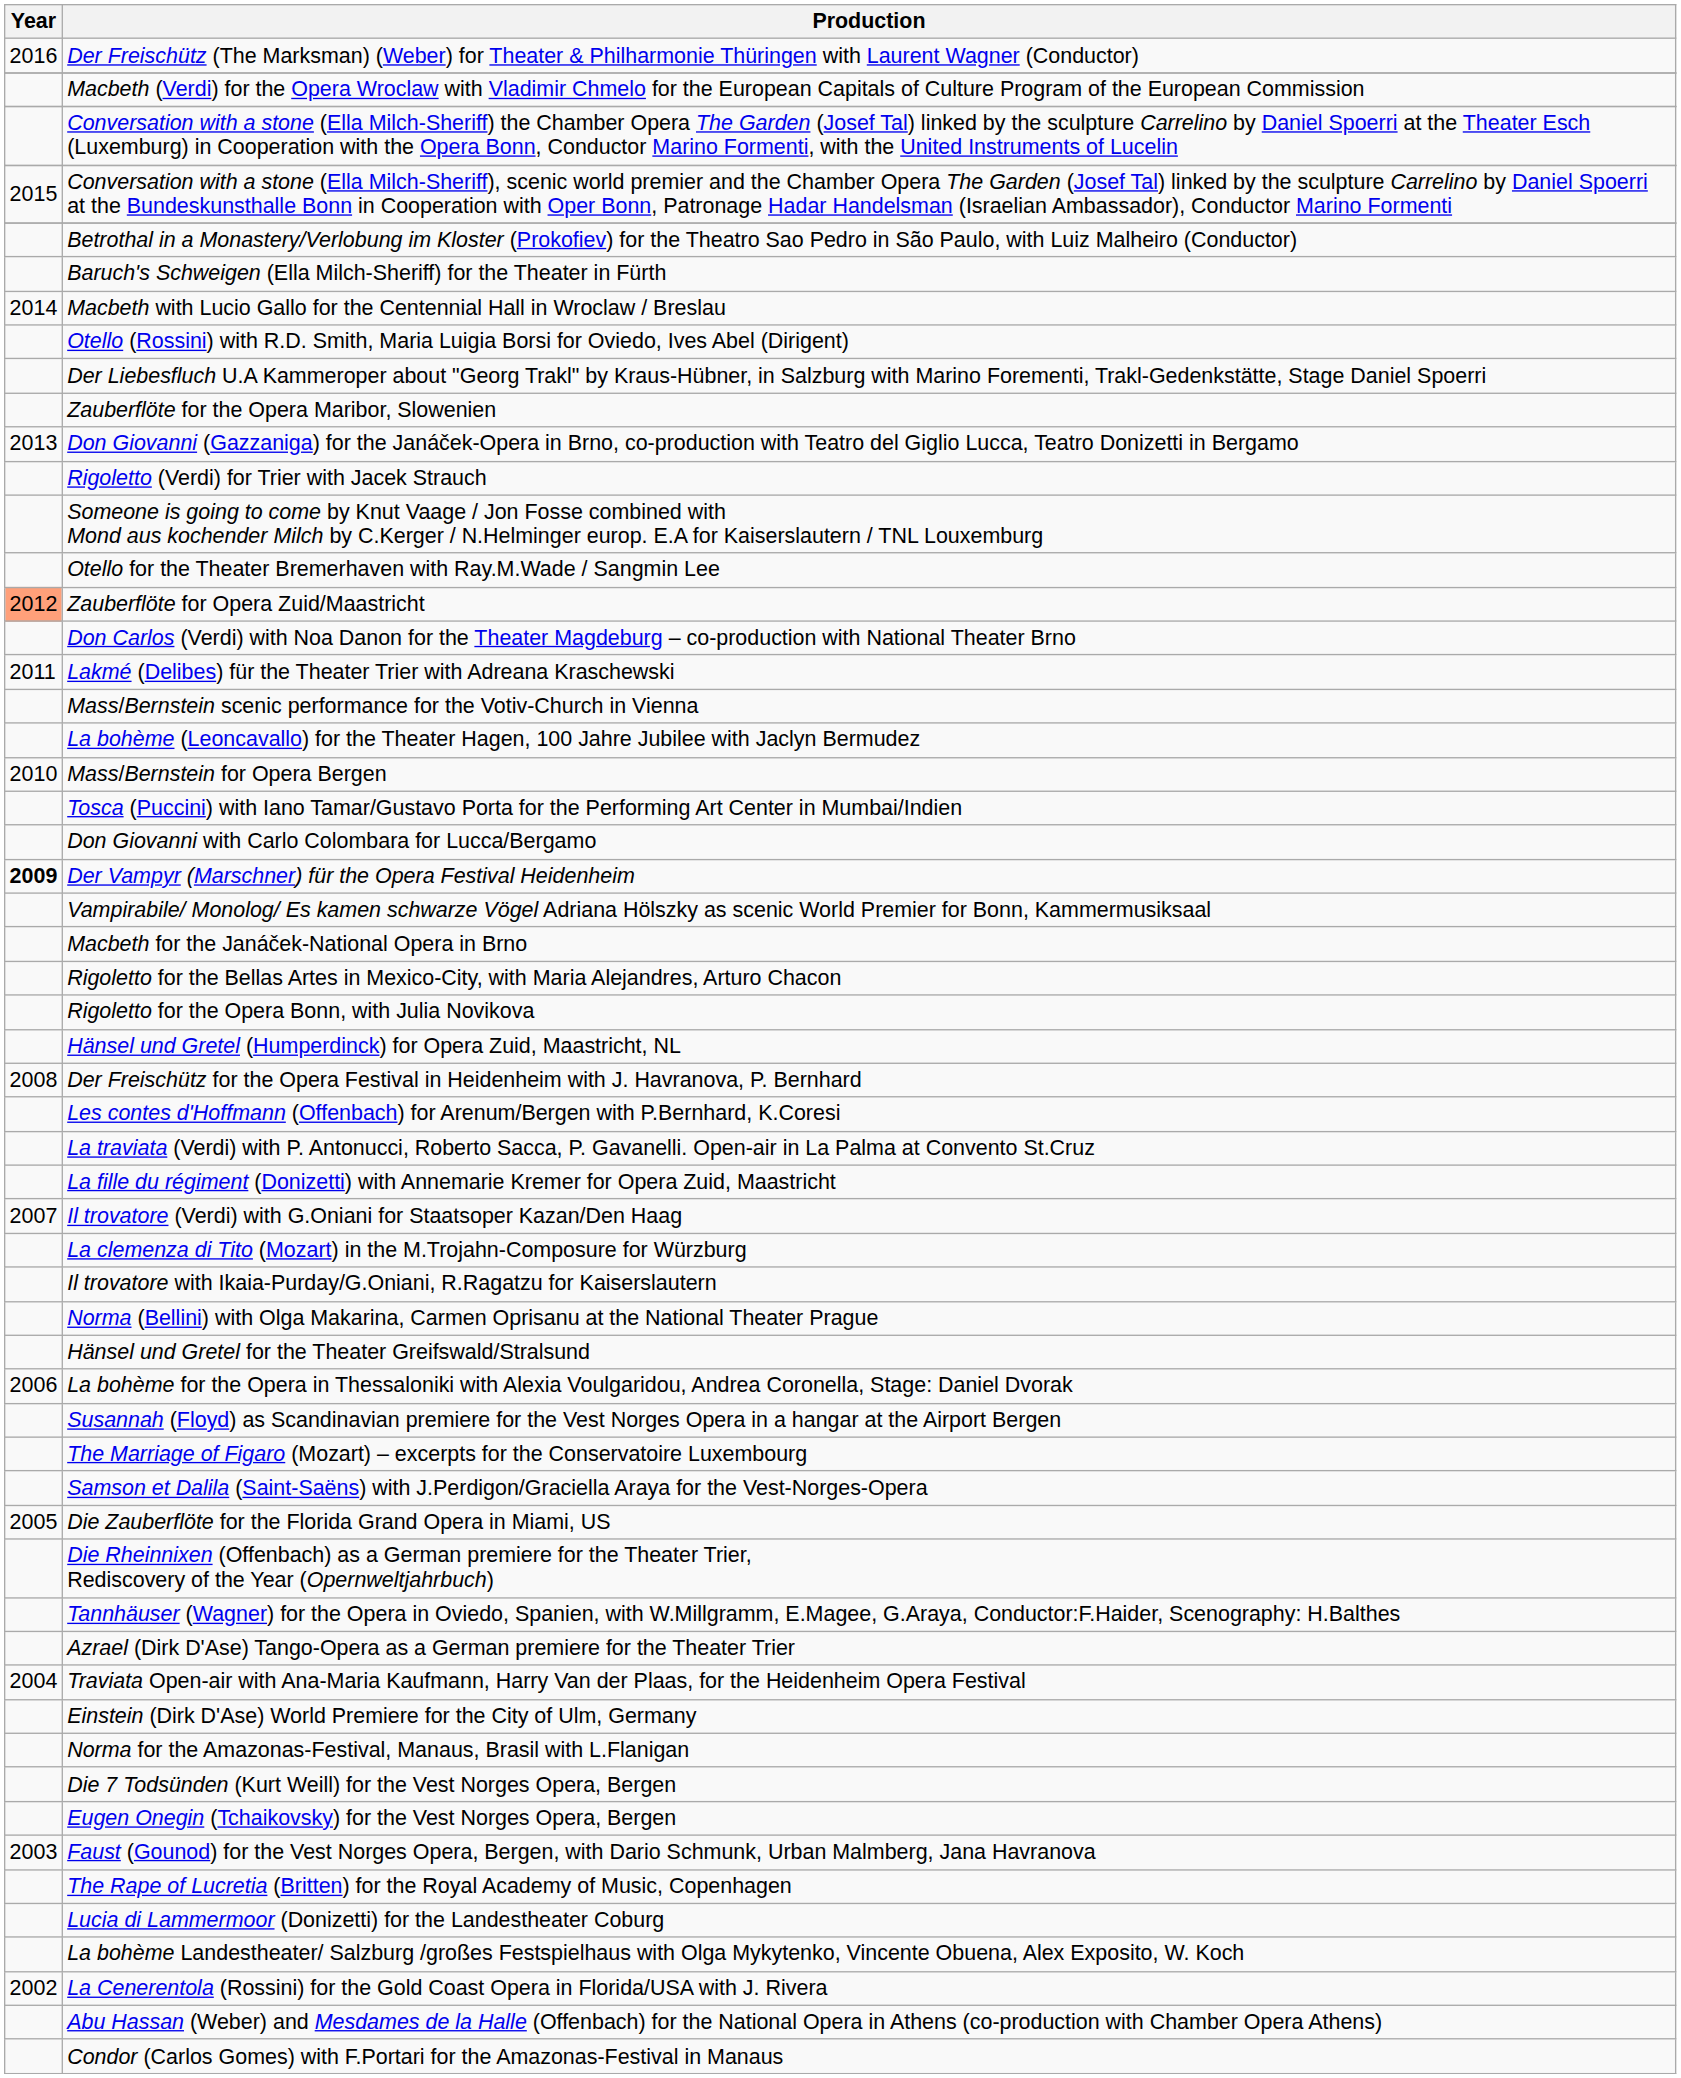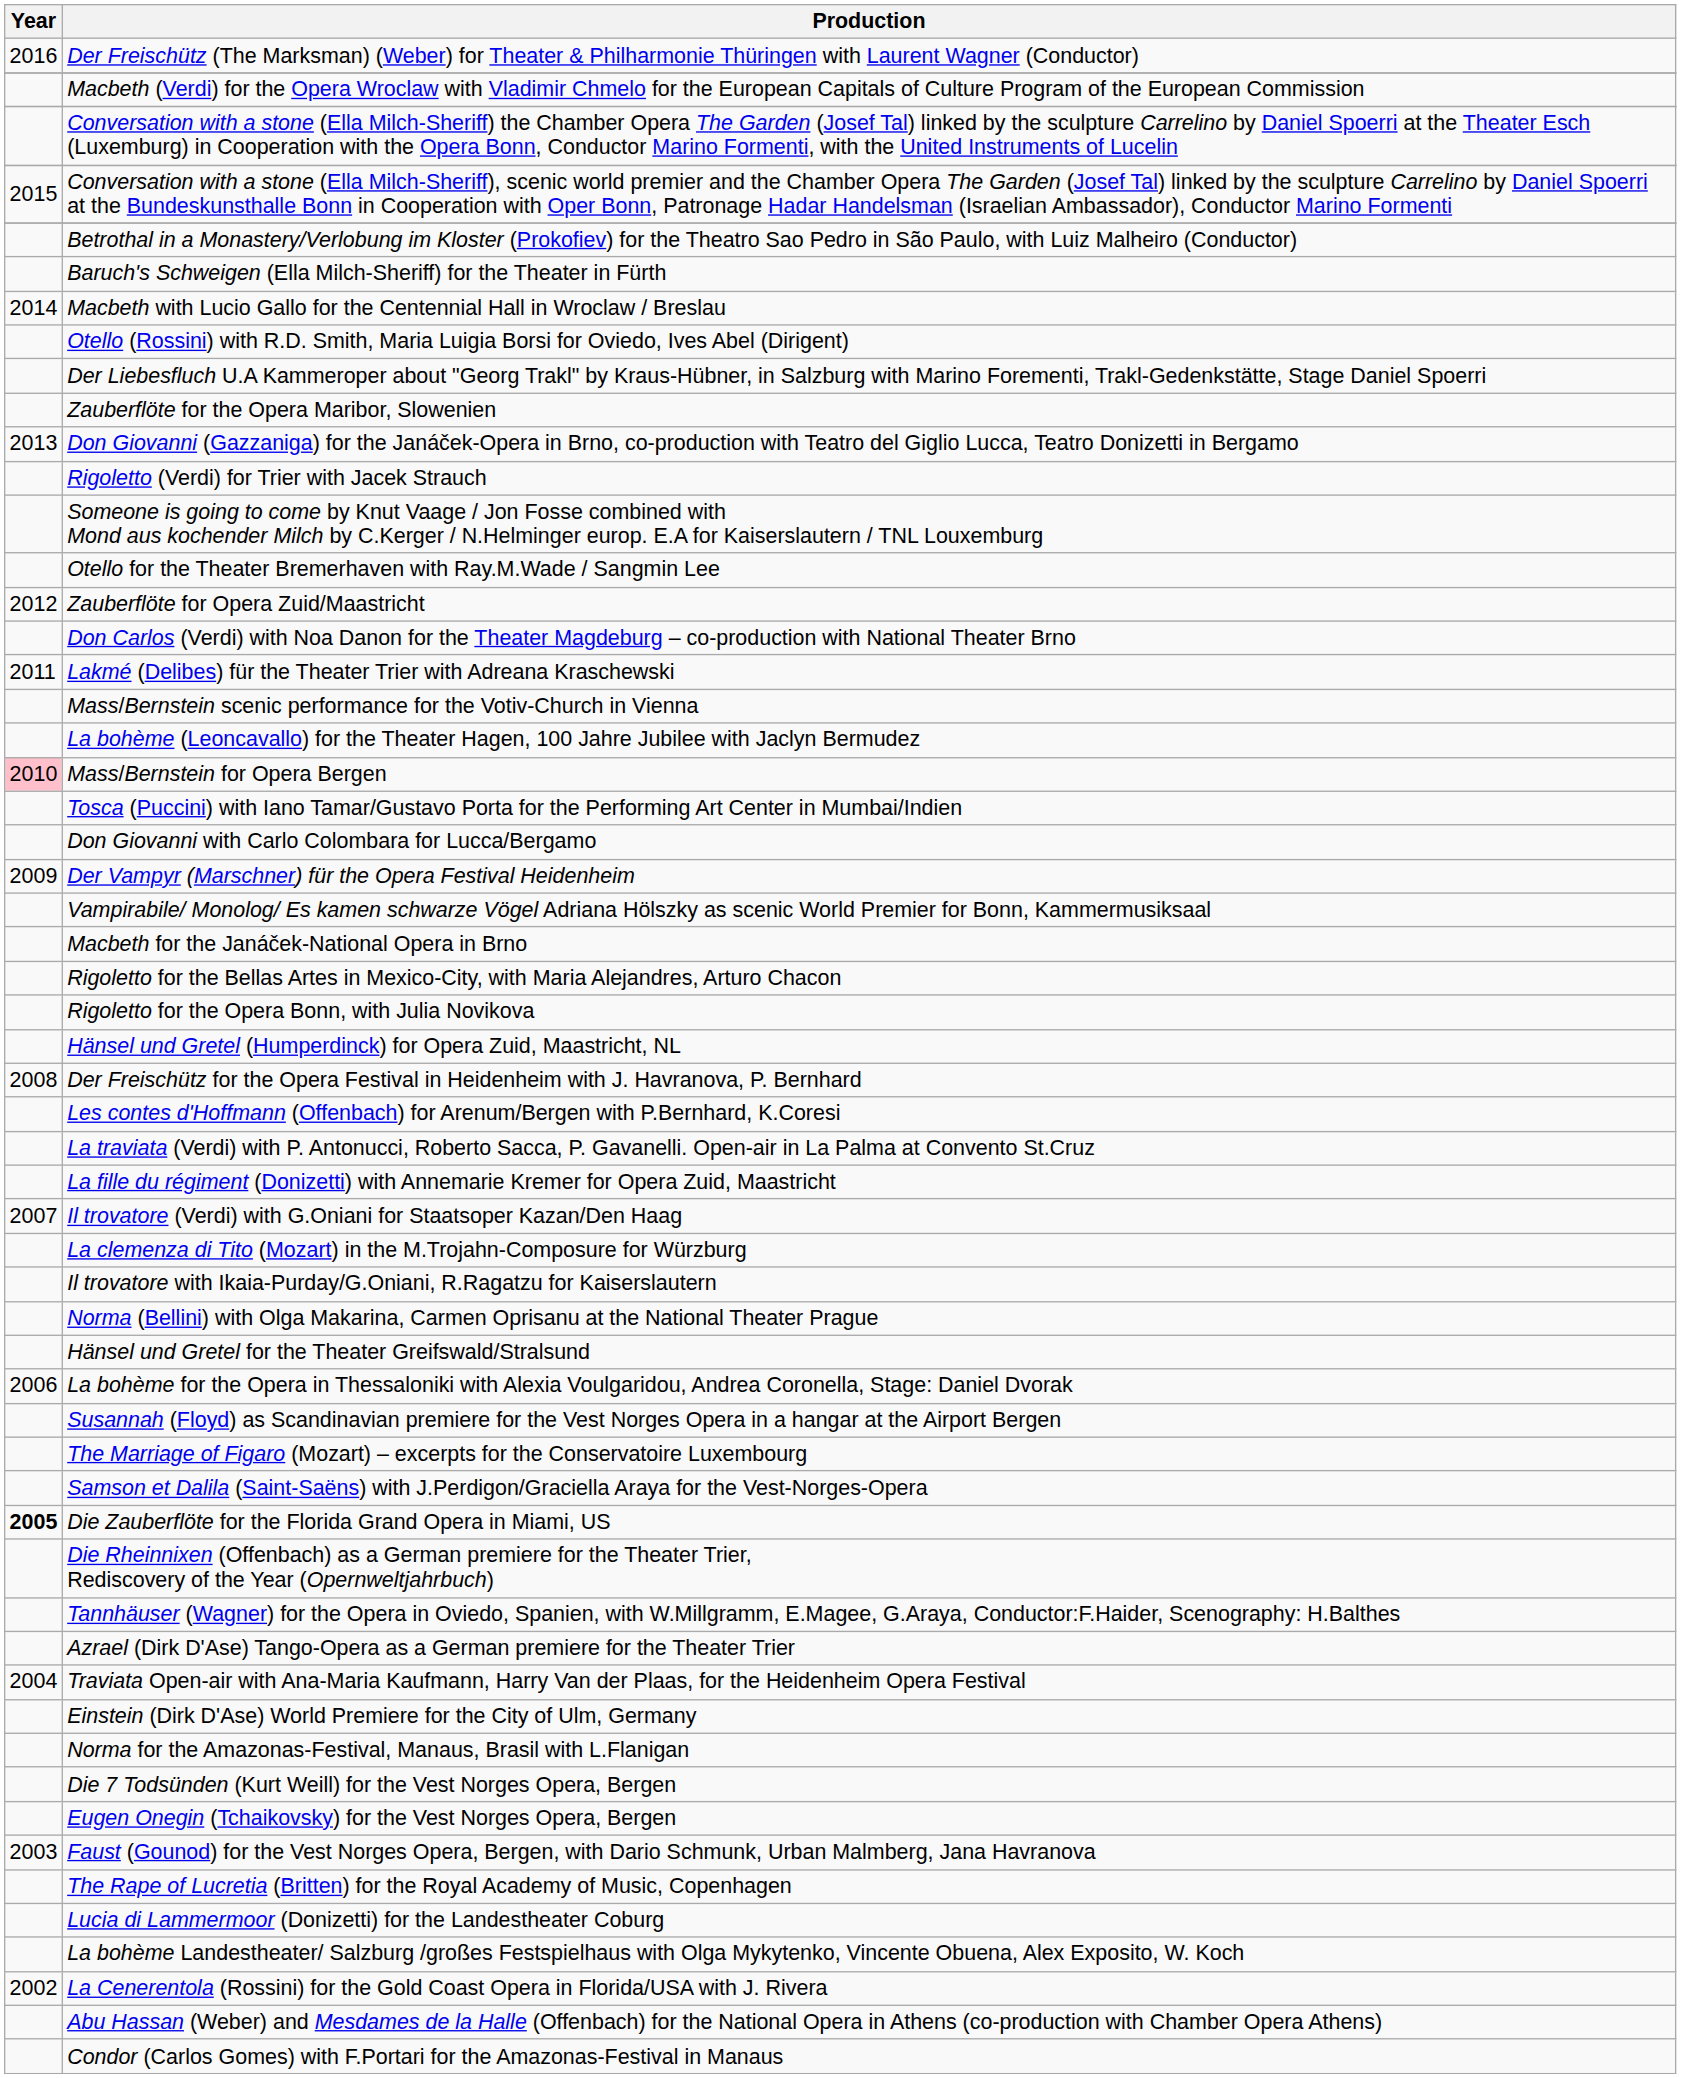 <table class="wikitable">
 <tr>
 <th>Year</th>
 <th>Production</th>
 </tr>
 <tr>
 <td>2016</td>
 <td><em><a href='#'>Der Freischütz</a></em> (The Marksman) (<a href='#'>Weber</a>) for <a href='#'>Theater & Philharmonie Thüringen</a> with <a href='#'>Laurent Wagner</a> (Conductor)</td>
 </tr>
 <tr>
 </tr>
 <tr>
 <td></td>
 <td><em>Macbeth</em> (<a href='#'>Verdi</a>) for the <a href='#'>Opera Wroclaw</a> with <a href='#'>Vladimir Chmelo</a> for the European Capitals of Culture Program of the European Commission</td>
 </tr>
 <tr>
 </tr>
 <tr>
 <td></td>
 <td><em><a href='#'>Conversation with a stone</a></em> (<a href='#'>Ella Milch-Sheriff</a>) the Chamber Opera <em><a href='#'>The Garden</a></em> (<a href='#'>Josef Tal</a>) linked by the sculpture <em>Carrelino</em> by <a href='#'>Daniel Spoerri</a> at the  <a href='#'>Theater Esch</a> (Luxemburg) in Cooperation with the <a href='#'>Opera Bonn</a>, Conductor <a href='#'>Marino Formenti</a>, with the <a href='#'>United Instruments of Lucelin</a></td>
 </tr>
 <tr>
 </tr>
 <tr>
 <td>2015</td>
 <td><em>Conversation with a stone</em> (<a href='#'>Ella Milch-Sheriff</a>), scenic world premier and the Chamber Opera <em>The Garden</em> (<a href='#'>Josef Tal</a>) linked by the sculpture <em>Carrelino</em> by <a href='#'>Daniel Spoerri</a> at the <a href='#'>Bundeskunsthalle Bonn</a> in Cooperation with <a href='#'>Oper Bonn</a>, Patronage <a href='#'>Hadar Handelsman</a> (Israelian Ambassador), Conductor <a href='#'>Marino Formenti</a></td>
 </tr>
 <tr>
 </tr>
 <tr>
 <td></td>
 <td><em>Betrothal in a Monastery/Verlobung im Kloster</em> (<a href='#'>Prokofiev</a>) for the Theatro Sao Pedro in São Paulo, with Luiz Malheiro (Conductor)</td>
 </tr>
 <tr>
 <td></td>
 <td><em>Baruch's Schweigen</em> (Ella Milch-Sheriff) for the Theater in Fürth</td>
 </tr>
 <tr>
 <td>2014</td>
 <td><em>Macbeth</em> with Lucio Gallo for the Centennial Hall in Wroclaw / Breslau</td>
 </tr>
 <tr>
 <td></td>
 <td><em><a href='#'>Otello</a></em> (<a href='#'>Rossini</a>) with R.D. Smith, Maria Luigia Borsi for Oviedo, Ives Abel (Dirigent)</td>
 </tr>
 <tr>
 <td></td>
 <td><em>Der Liebesfluch</em> U.A Kammeroper about "Georg Trakl" by Kraus-Hübner, in Salzburg with Marino Forementi, Trakl-Gedenkstätte, Stage Daniel Spoerri</td>
 </tr>
 <tr>
 <td></td>
 <td><em>Zauberflöte</em> for the Opera Maribor, Slowenien</td>
 </tr>
 <tr>
 <td>2013</td>
 <td><em><a href='#'>Don Giovanni</a></em> (<a href='#'>Gazzaniga</a>) for the Janáček-Opera in Brno, co-production with Teatro del Giglio Lucca, Teatro Donizetti in Bergamo</td>
 </tr>
 <tr>
 <td></td>
 <td><em><a href='#'>Rigoletto</a></em> (Verdi) for Trier with Jacek Strauch</td>
 </tr>
 <tr>
 <td></td>
 <td><em>Someone is going to come</em> by Knut Vaage / Jon Fosse combined with<br><em>Mond aus kochender Milch</em> by C.Kerger / N.Helminger europ. E.A for Kaiserslautern / TNL Louxemburg</td>
 </tr>
 <tr>
 <td></td>
 <td><em>Otello</em> for the Theater Bremerhaven with Ray.M.Wade / Sangmin Lee</td>
 </tr>
 <tr>
-<td style="background: lightsalmon;">2012</td>
+<td>2012</td>
 <td><em>Zauberflöte</em> for Opera Zuid/Maastricht</td>
 </tr>
 <tr>
 <td></td>
 <td><em><a href='#'>Don Carlos</a></em> (Verdi) with Noa Danon for the <a href='#'>Theater Magdeburg</a> – co-production with National Theater Brno</td>
 </tr>
 <tr>
 <td>2011</td>
 <td><em><a href='#'>Lakmé</a></em> (<a href='#'>Delibes</a>) für the Theater Trier with Adreana Kraschewski</td>
 </tr>
 <tr>
 <td></td>
 <td><em>Mass</em>/<em>Bernstein</em> scenic performance for the Votiv-Church in Vienna</td>
 </tr>
 <tr>
 <td></td>
 <td><em><a href='#'>La bohème</a></em> (<a href='#'>Leoncavallo</a>) for the Theater Hagen, 100 Jahre Jubilee with Jaclyn Bermudez</td>
 </tr>
 <tr>
-<td>2010</td>
+<td style="background: pink;">2010</td>
 <td><em>Mass</em>/<em>Bernstein</em>  for Opera Bergen</td>
 </tr>
 <tr>
 <td></td>
 <td><em><a href='#'>Tosca</a></em> (<a href='#'>Puccini</a>) with Iano Tamar/Gustavo Porta for the Performing Art Center in Mumbai/Indien</td>
 </tr>
 <tr>
 <td></td>
 <td><em>Don Giovanni</em> with Carlo Colombara for Lucca/Bergamo</td>
 </tr>
 <tr>
-<td><strong>2009</strong></td>
+<td>2009</td>
 <td><em><a href='#'>Der Vampyr</a> (<a href='#'>Marschner</a>) für the Opera Festival Heidenheim</em></td>
 </tr>
 <tr>
 <td></td>
 <td><em>Vampirabile/ Monolog/ Es kamen schwarze Vögel</em> Adriana Hölszky as scenic World Premier for Bonn, Kammermusiksaal</td>
 </tr>
 <tr>
 <td></td>
 <td><em>Macbeth</em> for the Janáček-National Opera in Brno</td>
 </tr>
 <tr>
 <td></td>
 <td><em>Rigoletto</em> for the Bellas Artes in Mexico-City, with Maria Alejandres, Arturo Chacon</td>
 </tr>
 <tr>
 <td></td>
 <td><em>Rigoletto</em> for the Opera Bonn, with Julia Novikova</td>
 </tr>
 <tr>
 <td></td>
 <td><em><a href='#'>Hänsel und Gretel</a></em> (<a href='#'>Humperdinck</a>) for Opera Zuid, Maastricht, NL</td>
 </tr>
 <tr>
 <td>2008</td>
 <td><em>Der Freischütz</em> for the Opera Festival in Heidenheim with J. Havranova, P. Bernhard</td>
 </tr>
 <tr>
 <td></td>
 <td><em><a href='#'>Les contes d'Hoffmann</a></em> (<a href='#'>Offenbach</a>) for Arenum/Bergen with P.Bernhard, K.Coresi</td>
 </tr>
 <tr>
 <td></td>
 <td><em><a href='#'>La traviata</a></em> (Verdi) with P. Antonucci, Roberto Sacca, P. Gavanelli. Open-air in La Palma at Convento St.Cruz</td>
 </tr>
 <tr>
 <td></td>
 <td><em><a href='#'>La fille du régiment</a></em> (<a href='#'>Donizetti</a>) with Annemarie Kremer for Opera Zuid, Maastricht</td>
 </tr>
 <tr>
 <td>2007</td>
 <td><em><a href='#'>Il trovatore</a></em> (Verdi) with G.Oniani for Staatsoper Kazan/Den Haag</td>
 </tr>
 <tr>
 <td></td>
 <td><em><a href='#'>La clemenza di Tito</a></em> (<a href='#'>Mozart</a>) in the M.Trojahn-Composure for Würzburg</td>
 </tr>
 <tr>
 <td></td>
 <td><em>Il trovatore</em> with Ikaia-Purday/G.Oniani, R.Ragatzu for Kaiserslautern</td>
 </tr>
 <tr>
 <td></td>
 <td><em><a href='#'>Norma</a></em> (<a href='#'>Bellini</a>) with Olga Makarina, Carmen Oprisanu at the National Theater Prague</td>
 </tr>
 <tr>
 <td></td>
 <td><em>Hänsel und Gretel</em> for the Theater Greifswald/Stralsund</td>
 </tr>
 <tr>
 <td>2006</td>
 <td><em>La bohème</em> for the Opera in Thessaloniki with Alexia Voulgaridou, Andrea Coronella, Stage: Daniel Dvorak</td>
 </tr>
 <tr>
 <td></td>
 <td><em><a href='#'>Susannah</a></em> (<a href='#'>Floyd</a>) as Scandinavian premiere for the Vest Norges Opera in a hangar at the Airport Bergen</td>
 </tr>
 <tr>
 <td></td>
 <td><em><a href='#'>The Marriage of Figaro</a></em> (Mozart) – excerpts for the Conservatoire Luxembourg</td>
 </tr>
 <tr>
 <td></td>
 <td><em><a href='#'>Samson et Dalila</a></em> (<a href='#'>Saint-Saëns</a>) with J.Perdigon/Graciella Araya for the Vest-Norges-Opera</td>
 </tr>
 <tr>
-<td>2005</td>
+<td><strong>2005</strong></td>
 <td><em>Die Zauberflöte</em> for the Florida Grand Opera in Miami, US</td>
 </tr>
 <tr>
 <td></td>
 <td><em><a href='#'>Die Rheinnixen</a></em> (Offenbach) as a German premiere for the Theater Trier,<br>Rediscovery of the Year (<em>Opernweltjahrbuch</em>)</td>
 </tr>
 <tr>
 <td></td>
 <td><em><a href='#'>Tannhäuser</a></em> (<a href='#'>Wagner</a>) for the Opera in Oviedo, Spanien, with W.Millgramm, E.Magee, G.Araya, Conductor:F.Haider, Scenography: H.Balthes</td>
 </tr>
 <tr>
 <td></td>
 <td><em>Azrael</em> (Dirk D'Ase) Tango-Opera as a German premiere for the Theater Trier</td>
 </tr>
 <tr>
 <td>2004</td>
 <td><em>Traviata</em> Open-air with Ana-Maria Kaufmann, Harry Van der Plaas, for the Heidenheim Opera Festival</td>
 </tr>
 <tr>
 <td></td>
 <td><em>Einstein</em> (Dirk D'Ase) World Premiere for the City of Ulm, Germany</td>
 </tr>
 <tr>
 <td></td>
 <td><em>Norma</em> for the Amazonas-Festival, Manaus, Brasil with L.Flanigan</td>
 </tr>
 <tr>
 <td></td>
 <td><em>Die 7 Todsünden</em> (Kurt Weill) for the Vest Norges Opera, Bergen</td>
 </tr>
 <tr>
 <td></td>
 <td><em><a href='#'>Eugen Onegin</a></em> (<a href='#'>Tchaikovsky</a>) for the Vest Norges Opera, Bergen</td>
 </tr>
 <tr>
 <td>2003</td>
 <td><em><a href='#'>Faust</a></em> (<a href='#'>Gounod</a>) for the Vest Norges Opera, Bergen, with Dario Schmunk, Urban Malmberg, Jana Havranova</td>
 </tr>
 <tr>
 <td></td>
 <td><em><a href='#'>The Rape of Lucretia</a></em> (<a href='#'>Britten</a>) for the Royal Academy of Music, Copenhagen</td>
 </tr>
 <tr>
 <td></td>
 <td><em><a href='#'>Lucia di Lammermoor</a></em> (Donizetti) for the Landestheater Coburg</td>
 </tr>
 <tr>
 <td></td>
 <td><em>La bohème</em> Landestheater/ Salzburg /großes Festspielhaus with Olga Mykytenko, Vincente Obuena, Alex Exposito, W. Koch</td>
 </tr>
 <tr>
 <td>2002</td>
 <td><em><a href='#'>La Cenerentola</a></em> (Rossini) for the Gold Coast Opera in Florida/USA with J. Rivera</td>
 </tr>
 <tr>
 <td></td>
 <td><em><a href='#'>Abu Hassan</a></em> (Weber) and <em><a href='#'>Mesdames de la Halle</a></em> (Offenbach) for the National Opera in Athens (co-production with Chamber Opera Athens)</td>
 </tr>
 <tr>
 <td></td>
 <td><em>Condor</em> (Carlos Gomes) with F.Portari for the Amazonas-Festival in Manaus</td>
 </tr>
 </table>
